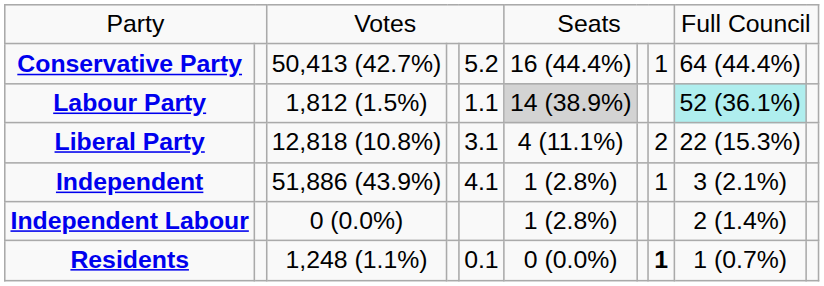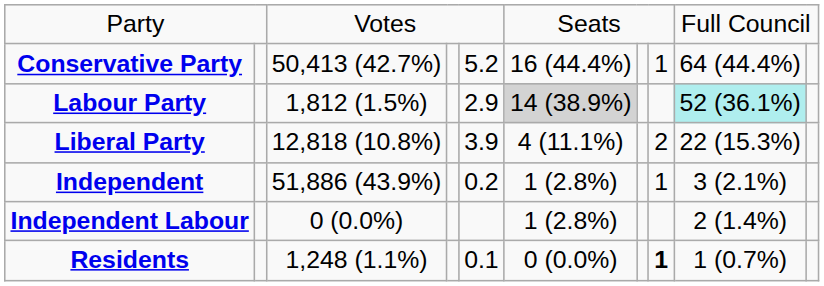 <table class=wikitable style="text-align:center;">
 <tr>
 <td colspan=2>Party</td>
 <td colspan=3>Votes</td>
 <td colspan=3>Seats</td>
 <td colspan=3>Full Council</td>
 </tr>
 <tr>
 <td><strong><a href='#'>Conservative Party</a></strong></td>
 <td style="background:"></td>
 <td>50,413 (42.7%)</td>
 <td></td>
 <td> 5.2</td>
 <td>16 (44.4%)</td>
 <td></td>
 <td> 1</td>
 <td>64 (44.4%)</td>
 <td></td>
 </tr>
 <tr>
 <td><strong><a href='#'>Labour Party</a></strong></td>
 <td style="background:"></td>
 <td>1,812 (1.5%)</td>
 <td></td>
-<td> 1.1</td>
+<td> 2.9</td>
 <td style="background: lightgrey;">14 (38.9%)</td>
 <td></td>
 <td></td>
 <td style="background: paleturquoise;">52 (36.1%)</td>
 <td></td>
 </tr>
 <tr>
 <td><strong><a href='#'>Liberal Party</a></strong></td>
 <td style="background:"></td>
 <td>12,818 (10.8%)</td>
 <td></td>
-<td> 3.1</td>
+<td> 3.9</td>
 <td>4 (11.1%)</td>
 <td></td>
 <td> 2</td>
 <td>22 (15.3%)</td>
 <td></td>
 </tr>
 <tr>
 <td><strong><a href='#'>Independent</a></strong></td>
 <td style="background:"></td>
 <td>51,886 (43.9%)</td>
 <td></td>
-<td> 4.1</td>
+<td> 0.2</td>
 <td>1 (2.8%)</td>
 <td></td>
 <td> 1</td>
 <td>3 (2.1%)</td>
 <td></td>
 </tr>
 <tr>
 <td><strong><a href='#'>Independent Labour</a></strong></td>
 <td style="background:"></td>
 <td>0 (0.0%)</td>
 <td></td>
 <td></td>
 <td>1 (2.8%)</td>
 <td></td>
 <td></td>
 <td>2 (1.4%)</td>
 <td></td>
 </tr>
 <tr>
 <td><strong><a href='#'>Residents</a></strong></td>
 <td style="background:"></td>
 <td>1,248 (1.1%)</td>
 <td></td>
 <td> 0.1</td>
 <td>0 (0.0%)</td>
 <td></td>
 <td><strong> 1</strong></td>
 <td>1 (0.7%)</td>
 <td></td>
 </tr>
 </table>
